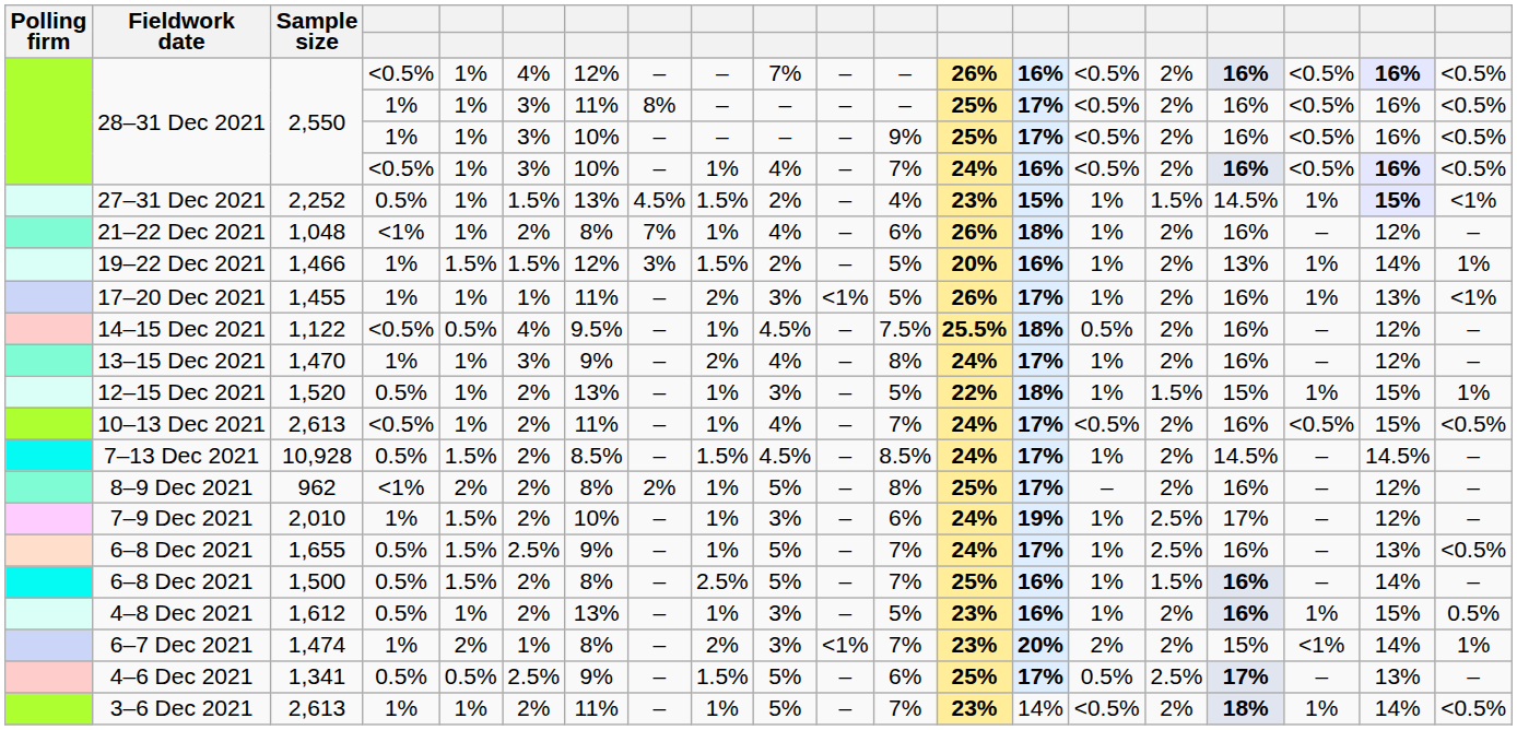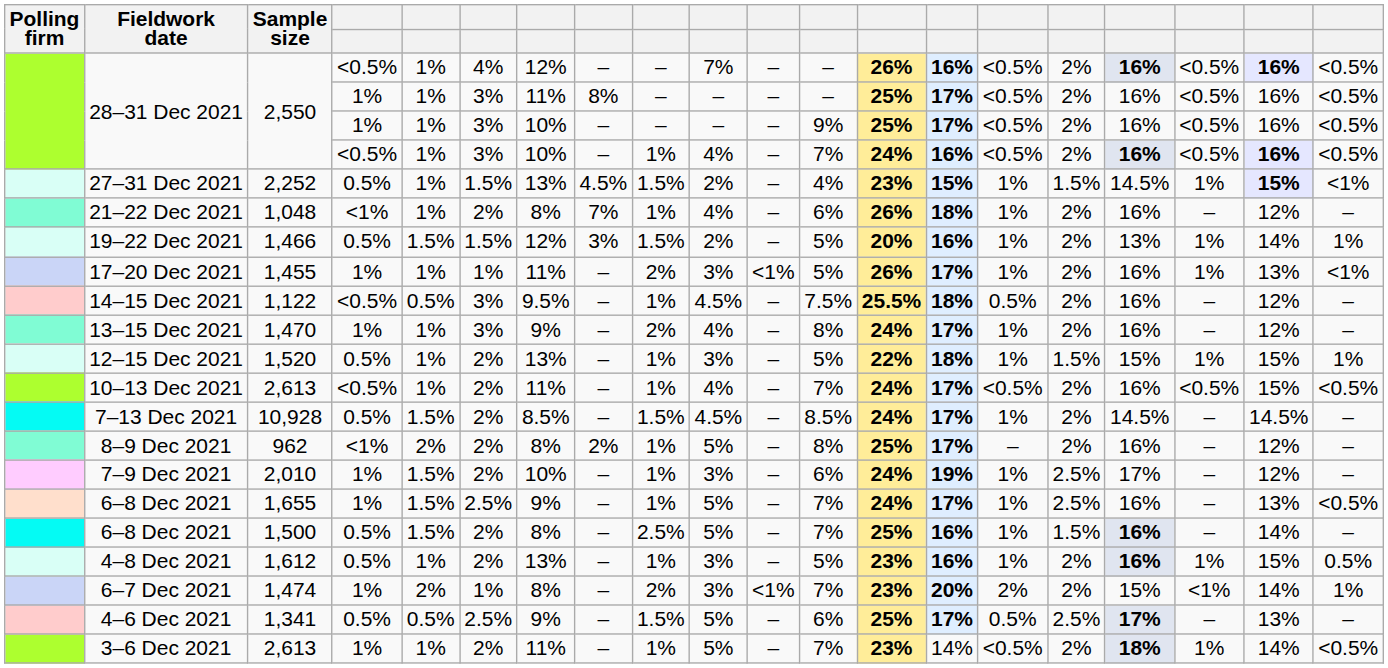 <table class="wikitable sortable" style="text-align:center;font-size:95%;line-height:14px;">
 <tr>
 <th rowspan="2">Polling<br>firm</th>
 <th rowspan="2">Fieldwork<br>date</th>
 <th rowspan="2">Sample<br>size</th>
 <th></th>
 <th></th>
 <th></th>
 <th></th>
 <th></th>
 <th></th>
 <th></th>
 <th></th>
 <th></th>
 <th></th>
 <th></th>
 <th></th>
 <th></th>
 <th></th>
 <th></th>
 <th></th>
 <th></th>
 </tr>
 <tr>
 <th style="background:"></th>
 <th style="background:"></th>
 <th style="background:"></th>
 <th style="background:"></th>
 <th style="background:"></th>
 <th style="background:"></th>
 <th style="background:"></th>
 <th style="background:"></th>
 <th style="background:"></th>
 <th style="background:"></th>
 <th style="background:"></th>
 <th style="background:"></th>
 <th style="background:"></th>
 <th style="background:"></th>
 <th style="background:"></th>
 <th style="background:"></th>
 <th style="background:"></th>
 </tr>
 <tr>
 <td rowspan="4" style="background:GreenYellow"></td>
 <td rowspan="4">28–31 Dec 2021</td>
 <td rowspan="4">2,550</td>
 <td><0.5%</td>
 <td>1%</td>
 <td>4%</td>
 <td>12%</td>
 <td>–</td>
 <td>–</td>
 <td>7%</td>
 <td>–</td>
 <td>–</td>
 <td style="background:#FFED99;"><strong>26%</strong></td>
 <td style="background:#DFEEFF;"><strong>16%</strong></td>
 <td><0.5%</td>
 <td>2%</td>
 <td style="background:#E0E5F0;"><strong>16%</strong></td>
 <td><0.5%</td>
 <td style="background:#E5E7FF;"><strong>16%</strong></td>
 <td><0.5%</td>
 </tr>
 <tr>
 <td>1%</td>
 <td>1%</td>
 <td>3%</td>
 <td>11%</td>
 <td>8%</td>
 <td>–</td>
 <td>–</td>
 <td>–</td>
 <td>–</td>
 <td style="background:#FFED99;"><strong>25%</strong></td>
 <td style="background:#DFEEFF;"><strong>17%</strong></td>
 <td><0.5%</td>
 <td>2%</td>
 <td>16%</td>
 <td><0.5%</td>
 <td>16%</td>
 <td><0.5%</td>
 </tr>
 <tr>
 <td>1%</td>
 <td>1%</td>
 <td>3%</td>
 <td>10%</td>
 <td>–</td>
 <td>–</td>
 <td>–</td>
 <td>–</td>
 <td>9%</td>
 <td style="background:#FFED99;"><strong>25%</strong></td>
 <td style="background:#DFEEFF;"><strong>17%</strong></td>
 <td><0.5%</td>
 <td>2%</td>
 <td>16%</td>
 <td><0.5%</td>
 <td>16%</td>
 <td><0.5%</td>
 </tr>
 <tr>
 <td><0.5%</td>
 <td>1%</td>
 <td>3%</td>
 <td>10%</td>
 <td>–</td>
 <td>1%</td>
 <td>4%</td>
 <td>–</td>
 <td>7%</td>
 <td style="background:#FFED99;"><strong>24%</strong></td>
 <td style="background:#DFEEFF;"><strong>16%</strong></td>
 <td><0.5%</td>
 <td>2%</td>
 <td style="background:#E0E5F0;"><strong>16%</strong></td>
 <td><0.5%</td>
 <td style="background:#E5E7FF;"><strong>16%</strong></td>
 <td><0.5%</td>
 </tr>
 <tr>
 <td style="background:#d9fff6;"></td>
 <td>27–31 Dec 2021</td>
 <td>2,252</td>
 <td>0.5%</td>
 <td>1%</td>
 <td>1.5%</td>
 <td>13%</td>
 <td>4.5%</td>
 <td>1.5%</td>
 <td>2%</td>
 <td>–</td>
 <td>4%</td>
 <td style="background:#FFED99;"><strong>23%</strong></td>
 <td style="background:#DFEEFF;"><strong>15%</strong></td>
 <td>1%</td>
 <td>1.5%</td>
 <td>14.5%</td>
 <td>1%</td>
 <td style="background:#E5E7FF;"><strong>15%</strong></td>
 <td><1%</td>
 </tr>
 <tr>
 <td style="background:#80fcd4;"></td>
 <td>21–22 Dec 2021</td>
 <td>1,048</td>
 <td><1%</td>
 <td>1%</td>
 <td>2%</td>
 <td>8%</td>
 <td>7%</td>
 <td>1%</td>
 <td>4%</td>
 <td>–</td>
 <td>6%</td>
 <td style="background:#FFED99;"><strong>26%</strong></td>
 <td style="background:#DFEEFF;"><strong>18%</strong></td>
 <td>1%</td>
 <td>2%</td>
 <td>16%</td>
 <td>–</td>
 <td>12%</td>
 <td>–</td>
 </tr>
 <tr>
 <td style="background:#d9fff6;"></td>
 <td>19–22 Dec 2021</td>
 <td>1,466</td>
-<td>1%</td>
+<td>0.5%</td>
 <td>1.5%</td>
 <td>1.5%</td>
 <td>12%</td>
 <td>3%</td>
 <td>1.5%</td>
 <td>2%</td>
 <td>–</td>
 <td>5%</td>
 <td style="background:#FFED99;"><strong>20%</strong></td>
 <td style="background:#DFEEFF;"><strong>16%</strong></td>
 <td>1%</td>
 <td>2%</td>
 <td>13%</td>
 <td>1%</td>
 <td>14%</td>
 <td>1%</td>
 </tr>
 <tr>
 <td style="background:#CAD5F7"></td>
 <td>17–20 Dec 2021</td>
 <td>1,455</td>
 <td>1%</td>
 <td>1%</td>
 <td>1%</td>
 <td>11%</td>
 <td>–</td>
 <td>2%</td>
 <td>3%</td>
 <td><1%</td>
 <td>5%</td>
 <td style="background:#FFED99;"><strong>26%</strong></td>
 <td style="background:#DFEEFF;"><strong>17%</strong></td>
 <td>1%</td>
 <td>2%</td>
 <td>16%</td>
 <td>1%</td>
 <td>13%</td>
 <td><1%</td>
 </tr>
 <tr>
 <td style="background:#FFCCCC"></td>
 <td>14–15 Dec 2021</td>
 <td>1,122</td>
 <td><0.5%</td>
 <td>0.5%</td>
-<td>4%</td>
+<td>3%</td>
 <td>9.5%</td>
 <td>–</td>
 <td>1%</td>
 <td>4.5%</td>
 <td>–</td>
 <td>7.5%</td>
 <td style="background:#FFED99;"><strong>25.5%</strong></td>
 <td style="background:#DFEEFF;"><strong>18%</strong></td>
 <td>0.5%</td>
 <td>2%</td>
 <td>16%</td>
 <td>–</td>
 <td>12%</td>
 <td>–</td>
 </tr>
 <tr>
 <td style="background:#80fcd4;"></td>
 <td>13–15 Dec 2021</td>
 <td>1,470</td>
 <td>1%</td>
 <td>1%</td>
 <td>3%</td>
 <td>9%</td>
 <td>–</td>
 <td>2%</td>
 <td>4%</td>
 <td>–</td>
 <td>8%</td>
 <td style="background:#FFED99;"><strong>24%</strong></td>
 <td style="background:#DFEEFF;"><strong>17%</strong></td>
 <td>1%</td>
 <td>2%</td>
 <td>16%</td>
 <td>–</td>
 <td>12%</td>
 <td>–</td>
 </tr>
 <tr>
 <td style="background:#d9fff6;"></td>
 <td>12–15 Dec 2021</td>
 <td>1,520</td>
 <td>0.5%</td>
 <td>1%</td>
 <td>2%</td>
 <td>13%</td>
 <td>–</td>
 <td>1%</td>
 <td>3%</td>
 <td>–</td>
 <td>5%</td>
 <td style="background:#FFED99;"><strong>22%</strong></td>
 <td style="background:#DFEEFF;"><strong>18%</strong></td>
 <td>1%</td>
 <td>1.5%</td>
 <td>15%</td>
 <td>1%</td>
 <td>15%</td>
 <td>1%</td>
 </tr>
 <tr>
 <td style="background:GreenYellow"></td>
 <td>10–13 Dec 2021</td>
 <td>2,613</td>
 <td><0.5%</td>
 <td>1%</td>
 <td>2%</td>
 <td>11%</td>
 <td>–</td>
 <td>1%</td>
 <td>4%</td>
 <td>–</td>
 <td>7%</td>
 <td style="background:#FFED99;"><strong>24%</strong></td>
 <td style="background:#DFEEFF;"><strong>17%</strong></td>
 <td><0.5%</td>
 <td>2%</td>
 <td>16%</td>
 <td><0.5%</td>
 <td>15%</td>
 <td><0.5%</td>
 </tr>
 <tr>
 <td style="background:#04FBF4;"></td>
 <td>7–13 Dec 2021</td>
 <td>10,928</td>
 <td>0.5%</td>
 <td>1.5%</td>
 <td>2%</td>
 <td>8.5%</td>
 <td>–</td>
 <td>1.5%</td>
 <td>4.5%</td>
 <td>–</td>
 <td>8.5%</td>
 <td style="background:#FFED99;"><strong>24%</strong></td>
 <td style="background:#DFEEFF;"><strong>17%</strong></td>
 <td>1%</td>
 <td>2%</td>
 <td>14.5%</td>
 <td>–</td>
 <td>14.5%</td>
 <td>–</td>
 </tr>
 <tr>
 <td style="background:#80fcd4;"></td>
 <td>8–9 Dec 2021</td>
 <td>962</td>
 <td><1%</td>
 <td>2%</td>
 <td>2%</td>
 <td>8%</td>
 <td>2%</td>
 <td>1%</td>
 <td>5%</td>
 <td>–</td>
 <td>8%</td>
 <td style="background:#FFED99;"><strong>25%</strong></td>
 <td style="background:#DFEEFF;"><strong>17%</strong></td>
 <td>–</td>
 <td>2%</td>
 <td>16%</td>
 <td>–</td>
 <td>12%</td>
 <td>–</td>
 </tr>
 <tr>
 <td style="background:#FFCCFF;"></td>
 <td>7–9 Dec 2021</td>
 <td>2,010</td>
 <td>1%</td>
 <td>1.5%</td>
 <td>2%</td>
 <td>10%</td>
 <td>–</td>
 <td>1%</td>
 <td>3%</td>
 <td>–</td>
 <td>6%</td>
 <td style="background:#FFED99;"><strong>24%</strong></td>
 <td style="background:#DFEEFF;"><strong>19%</strong></td>
 <td>1%</td>
 <td>2.5%</td>
 <td>17%</td>
 <td>–</td>
 <td>12%</td>
 <td>–</td>
 </tr>
 <tr>
 <td style="background:#FFDFCC;"></td>
 <td>6–8 Dec 2021</td>
 <td>1,655</td>
-<td>0.5%</td>
+<td>1%</td>
 <td>1.5%</td>
 <td>2.5%</td>
 <td>9%</td>
 <td>–</td>
 <td>1%</td>
 <td>5%</td>
 <td>–</td>
 <td>7%</td>
 <td style="background:#FFED99;"><strong>24%</strong></td>
 <td style="background:#DFEEFF;"><strong>17%</strong></td>
 <td>1%</td>
 <td>2.5%</td>
 <td>16%</td>
 <td>–</td>
 <td>13%</td>
 <td><0.5%</td>
 </tr>
 <tr>
 <td style="background:#04FBF4;"></td>
 <td>6–8 Dec 2021</td>
 <td>1,500</td>
 <td>0.5%</td>
 <td>1.5%</td>
 <td>2%</td>
 <td>8%</td>
 <td>–</td>
 <td>2.5%</td>
 <td>5%</td>
 <td>–</td>
 <td>7%</td>
 <td style="background:#FFED99;"><strong>25%</strong></td>
 <td style="background:#DFEEFF;"><strong>16%</strong></td>
 <td>1%</td>
 <td>1.5%</td>
 <td style="background:#E0E5F0;"><strong>16%</strong></td>
 <td>–</td>
 <td>14%</td>
 <td>–</td>
 </tr>
 <tr>
 <td style="background:#d9fff6;"></td>
 <td>4–8 Dec 2021</td>
 <td>1,612</td>
 <td>0.5%</td>
 <td>1%</td>
 <td>2%</td>
 <td>13%</td>
 <td>–</td>
 <td>1%</td>
 <td>3%</td>
 <td>–</td>
 <td>5%</td>
 <td style="background:#FFED99;"><strong>23%</strong></td>
 <td style="background:#DFEEFF;"><strong>16%</strong></td>
 <td>1%</td>
 <td>2%</td>
 <td style="background:#E0E5F0;"><strong>16%</strong></td>
 <td>1%</td>
 <td>15%</td>
 <td>0.5%</td>
 </tr>
 <tr>
 <td style="background:#CAD5F7"></td>
 <td>6–7 Dec 2021</td>
 <td>1,474</td>
 <td>1%</td>
 <td>2%</td>
 <td>1%</td>
 <td>8%</td>
 <td>–</td>
 <td>2%</td>
 <td>3%</td>
 <td><1%</td>
 <td>7%</td>
 <td style="background:#FFED99;"><strong>23%</strong></td>
 <td style="background:#DFEEFF;"><strong>20%</strong></td>
 <td>2%</td>
 <td>2%</td>
 <td>15%</td>
 <td><1%</td>
 <td>14%</td>
 <td>1%</td>
 </tr>
 <tr>
 <td style="background:#FFCCCC"></td>
 <td>4–6 Dec 2021</td>
 <td>1,341</td>
 <td>0.5%</td>
 <td>0.5%</td>
 <td>2.5%</td>
 <td>9%</td>
 <td>–</td>
 <td>1.5%</td>
 <td>5%</td>
 <td>–</td>
 <td>6%</td>
 <td style="background:#FFED99;"><strong>25%</strong></td>
 <td style="background:#DFEEFF;"><strong>17%</strong></td>
 <td>0.5%</td>
 <td>2.5%</td>
 <td style="background:#E0E5F0;"><strong>17%</strong></td>
 <td>–</td>
 <td>13%</td>
 <td>–</td>
 </tr>
 <tr>
 <td style="background:GreenYellow"></td>
 <td>3–6 Dec 2021</td>
 <td>2,613</td>
 <td>1%</td>
 <td>1%</td>
 <td>2%</td>
 <td>11%</td>
 <td>–</td>
 <td>1%</td>
 <td>5%</td>
 <td>–</td>
 <td>7%</td>
 <td style="background:#FFED99;"><strong>23%</strong></td>
 <td>14%</td>
 <td><0.5%</td>
 <td>2%</td>
 <td style="background:#E0E5F0;"><strong>18%</strong></td>
 <td>1%</td>
 <td>14%</td>
 <td><0.5%</td>
 </tr>
 </table>
